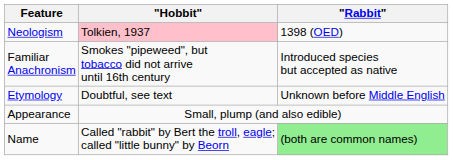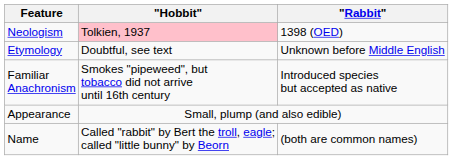 <table class="wikitable" style="margin: 1em auto;">
 <tr>
 <th>Feature</th>
 <th>"Hobbit"</th>
 <th>"<a href='#'>Rabbit</a>"</th>
 </tr>
 <tr>
 <td><a href='#'>Neologism</a></td>
 <td style="background: pink;">Tolkien, 1937</td>
 <td>1398 (<a href='#'>OED</a>)</td>
 </tr>
 <tr>
+<td><a href='#'>Etymology</a></td>
+<td>Doubtful, see text</td>
+<td>Unknown before <a href='#'>Middle English</a></td>
+</tr>
+<tr>
 <td>Familiar<br><a href='#'>Anachronism</a></td>
 <td>Smokes "pipeweed", but <br><a href='#'>tobacco</a> did not arrive<br> until 16th century</td>
 <td>Introduced species<br>but accepted as native</td>
-</tr>
-<tr>
-<td><a href='#'>Etymology</a></td>
-<td>Doubtful, see text</td>
-<td>Unknown before <a href='#'>Middle English</a></td>
 </tr>
 <tr>
 <td>Appearance</td>
 <td colspan=2; style="text-align:center;">Small, plump (and also edible)</td>
 </tr>
 <tr>
 <td>Name</td>
 <td>Called "rabbit" by Bert the <a href='#'>troll</a>, <a href='#'>eagle</a>;<br>called "little bunny" by <a href='#'>Beorn</a></td>
-<td style="background: lightgreen;">(both are common names)</td>
+<td>(both are common names)</td>
 </tr>
 </table>
